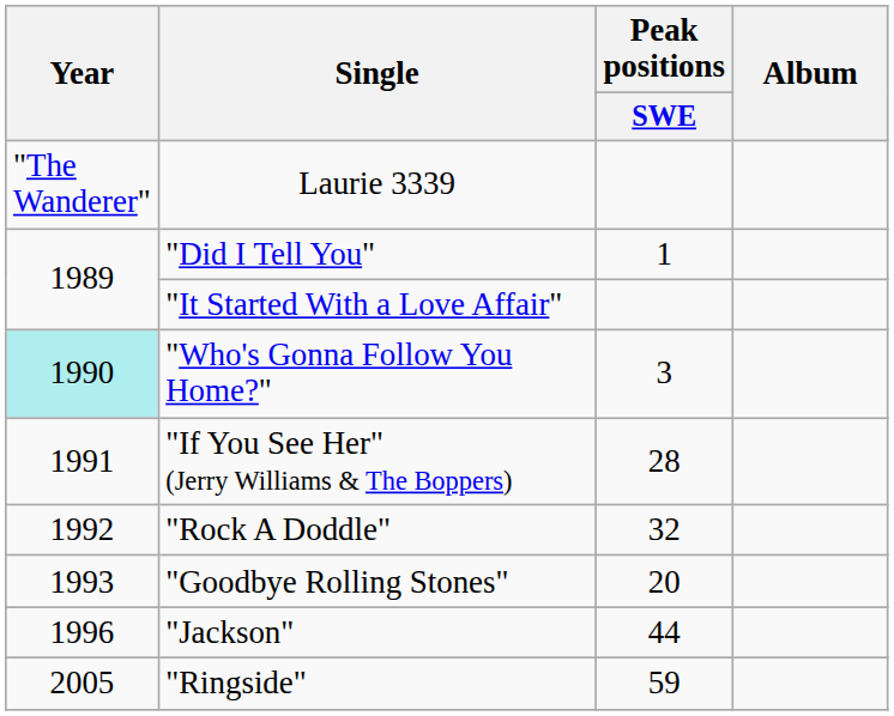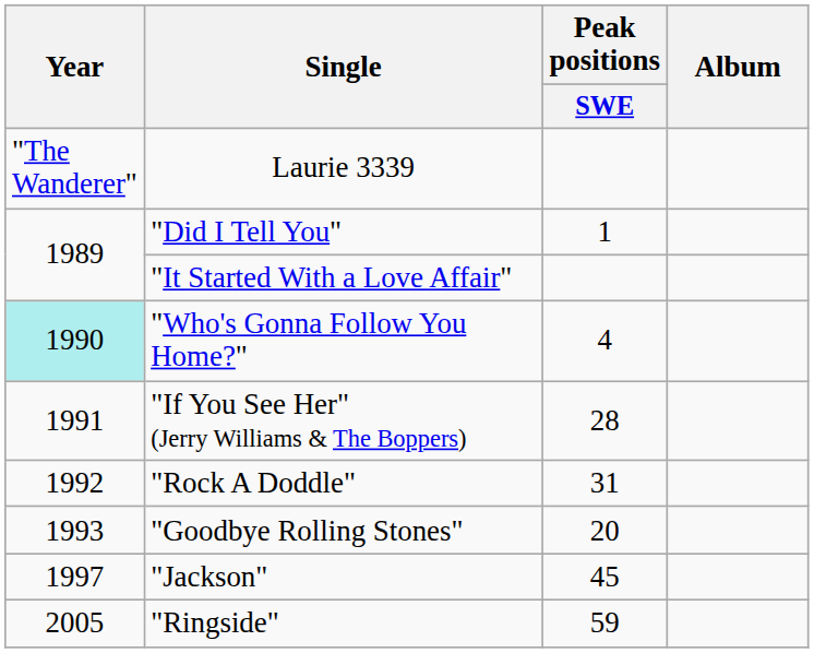 <table class="wikitable">
 <tr>
 <th align="center" rowspan="2" width="10">Year</th>
 <th align="center" rowspan="2" width="210">Single</th>
 <th align="center" colspan="1" width="20">Peak positions</th>
 <th align="center" rowspan="2" width="70">Album</th>
 </tr>
 <tr>
 <th scope="col" style="width:3em;font-size:90%;"><a href='#'>SWE</a><br></th>
 </tr>
 <tr>
 <td "style="text-align:center;>1965</td>
 <td>"<a href='#'>The Wanderer</a>"</td>
 <td style="text-align:center;">Laurie 3339</td>
 <td style="test-align:center;"></td>
 </tr>
 <tr>
 <td style="text-align:center;" rowspan=2>1989</td>
 <td>"<a href='#'>Did I Tell You</a>"</td>
 <td style="text-align:center;">1</td>
 <td style="text-align:center;"></td>
 </tr>
 <tr>
 <td>"<a href='#'>It Started With a Love Affair</a>"</td>
 <td style="text-align:center;"></td>
 <td style="text-align:center;"></td>
 </tr>
 <tr>
 <td style="background: paleturquoise; text-align:center;">1990</td>
 <td>"<a href='#'>Who's Gonna Follow You Home?</a>"</td>
-<td style="text-align:center;">3</td>
+<td style="text-align:center;">4</td>
 <td style="text-align:center;"></td>
 </tr>
 <tr>
 <td style="text-align:center;">1991</td>
 <td>"If You See Her"<br><small>(Jerry Williams & <a href='#'>The Boppers</a>)</small></td>
 <td style="text-align:center;">28</td>
 <td style="text-align:center;"></td>
 </tr>
 <tr>
 <td style="text-align:center;">1992</td>
 <td>"Rock A Doddle"</td>
-<td style="text-align:center;">32</td>
+<td style="text-align:center;">31</td>
 <td style="text-align:center;"></td>
 </tr>
 <tr>
 <td style="text-align:center;">1993</td>
 <td>"Goodbye Rolling Stones"</td>
 <td style="text-align:center;">20</td>
 <td style="text-align:center;"></td>
 </tr>
 <tr>
-<td style="text-align:center;">1996</td>
+<td style="text-align:center;">1997</td>
 <td>"Jackson"</td>
-<td style="text-align:center;">44</td>
+<td style="text-align:center;">45</td>
 <td style="text-align:center;"></td>
 </tr>
 <tr>
 <td style="text-align:center;">2005</td>
 <td>"Ringside"</td>
 <td style="text-align:center;">59</td>
 <td style="text-align:center;"></td>
 </tr>
 </table>
